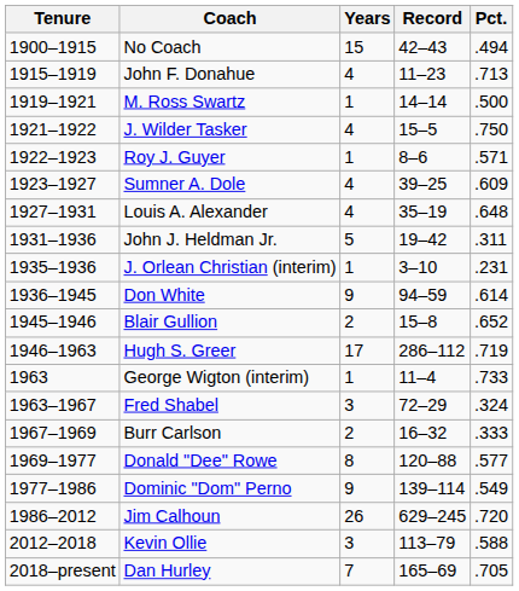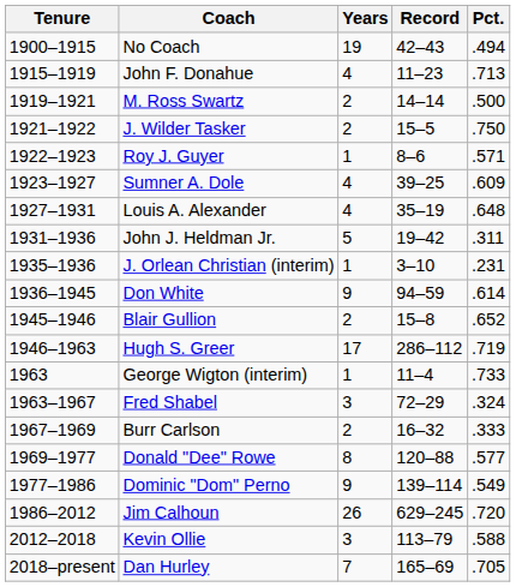 <table class="wikitable">
 <tr>
 <th>Tenure</th>
 <th>Coach</th>
 <th>Years</th>
 <th>Record</th>
 <th>Pct.</th>
 </tr>
 <tr>
 <td>1900–1915</td>
 <td>No Coach</td>
-<td>15</td>
+<td>19</td>
 <td>42–43</td>
 <td>.494</td>
 </tr>
 <tr>
 <td>1915–1919</td>
 <td>John F. Donahue</td>
 <td>4</td>
 <td>11–23</td>
 <td>.713</td>
 </tr>
 <tr>
 <td>1919–1921</td>
 <td><a href='#'>M. Ross Swartz</a></td>
-<td>1</td>
+<td>2</td>
 <td>14–14</td>
 <td>.500</td>
 </tr>
 <tr>
 <td>1921–1922</td>
 <td><a href='#'>J. Wilder Tasker</a></td>
-<td>4</td>
+<td>2</td>
 <td>15–5</td>
 <td>.750</td>
 </tr>
 <tr>
 <td>1922–1923</td>
 <td><a href='#'>Roy J. Guyer</a></td>
 <td>1</td>
 <td>8–6</td>
 <td>.571</td>
 </tr>
 <tr>
 <td>1923–1927</td>
 <td><a href='#'>Sumner A. Dole</a></td>
 <td>4</td>
 <td>39–25</td>
 <td>.609</td>
 </tr>
 <tr>
 <td>1927–1931</td>
 <td>Louis A. Alexander</td>
 <td>4</td>
 <td>35–19</td>
 <td>.648</td>
 </tr>
 <tr>
 <td>1931–1936</td>
 <td>John J. Heldman Jr.</td>
 <td>5</td>
 <td>19–42</td>
 <td>.311</td>
 </tr>
 <tr>
 <td>1935–1936</td>
 <td><a href='#'>J. Orlean Christian</a> (interim)</td>
 <td>1</td>
 <td>3–10</td>
 <td>.231</td>
 </tr>
 <tr>
 <td>1936–1945</td>
 <td><a href='#'>Don White</a></td>
 <td>9</td>
 <td>94–59</td>
 <td>.614</td>
 </tr>
 <tr>
 <td>1945–1946</td>
 <td><a href='#'>Blair Gullion</a></td>
 <td>2</td>
 <td>15–8</td>
 <td>.652</td>
 </tr>
 <tr>
 <td>1946–1963</td>
 <td><a href='#'>Hugh S. Greer</a></td>
 <td>17</td>
 <td>286–112</td>
 <td>.719</td>
 </tr>
 <tr>
 <td>1963</td>
 <td>George Wigton (interim)</td>
 <td>1</td>
 <td>11–4</td>
 <td>.733</td>
 </tr>
 <tr>
 <td>1963–1967</td>
 <td><a href='#'>Fred Shabel</a></td>
 <td>3</td>
 <td>72–29</td>
 <td>.324</td>
 </tr>
 <tr>
 <td>1967–1969</td>
 <td>Burr Carlson</td>
 <td>2</td>
 <td>16–32</td>
 <td>.333</td>
 </tr>
 <tr>
 <td>1969–1977</td>
 <td><a href='#'>Donald "Dee" Rowe</a></td>
 <td>8</td>
 <td>120–88</td>
 <td>.577</td>
 </tr>
 <tr>
 <td>1977–1986</td>
 <td><a href='#'>Dominic "Dom" Perno</a></td>
 <td>9</td>
 <td>139–114</td>
 <td>.549</td>
 </tr>
 <tr>
 <td>1986–2012</td>
 <td><a href='#'>Jim Calhoun</a></td>
 <td>26</td>
 <td>629–245</td>
 <td>.720</td>
 </tr>
 <tr>
 <td>2012–2018</td>
 <td><a href='#'>Kevin Ollie</a></td>
 <td>3</td>
 <td>113–79</td>
 <td>.588</td>
 </tr>
 <tr>
 <td>2018–present</td>
 <td><a href='#'>Dan Hurley</a></td>
 <td>7</td>
 <td>165–69</td>
 <td>.705</td>
 </tr>
 </table>
